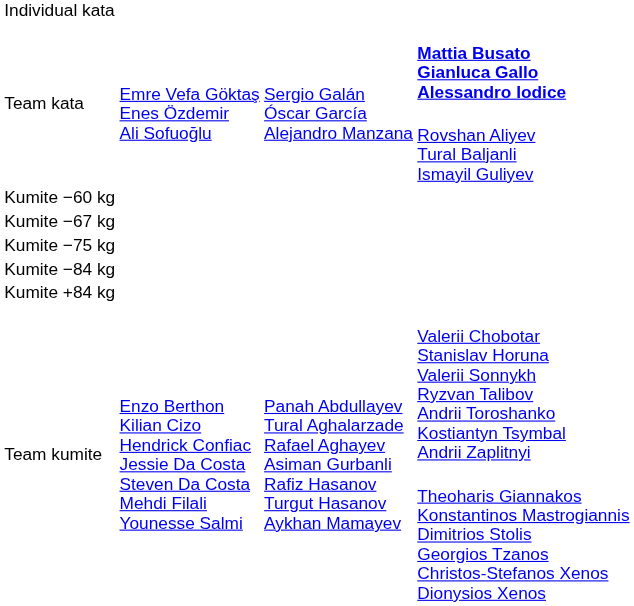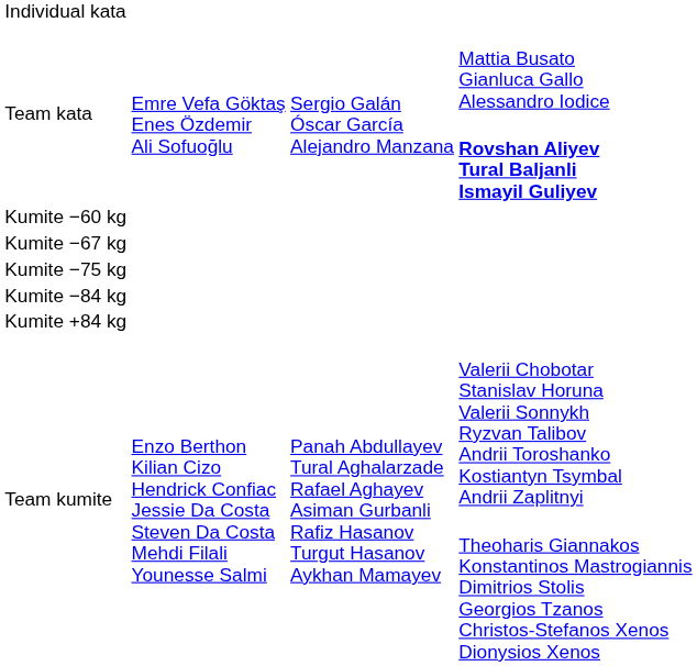 <table>
 <tr>
 </tr>
 <tr>
 <td rowspan=2>Individual kata<br></td>
 <td rowspan=2></td>
 <td rowspan=2></td>
 <td></td>
 </tr>
 <tr>
 <td></td>
 </tr>
 <tr>
 <td rowspan=2>Team kata<br></td>
 <td rowspan=2><br><a href='#'>Emre Vefa Göktaş</a><br><a href='#'>Enes Özdemir</a><br><a href='#'>Ali Sofuoğlu</a></td>
 <td rowspan=2><br><a href='#'>Sergio Galán</a><br><a href='#'>Óscar García</a><br><a href='#'>Alejandro Manzana</a></td>
-<td><strong><br><a href='#'>Mattia Busato</a><br><a href='#'>Gianluca Gallo</a><br><a href='#'>Alessandro Iodice</a></strong></td>
+<td><br><a href='#'>Mattia Busato</a><br><a href='#'>Gianluca Gallo</a><br><a href='#'>Alessandro Iodice</a></td>
 </tr>
 <tr>
-<td><br><a href='#'>Rovshan Aliyev</a><br><a href='#'>Tural Baljanli</a><br><a href='#'>Ismayil Guliyev</a></td>
+<td><strong><br><a href='#'>Rovshan Aliyev</a><br><a href='#'>Tural Baljanli</a><br><a href='#'>Ismayil Guliyev</a></strong></td>
 </tr>
 <tr>
 <td rowspan=2>Kumite −60 kg<br></td>
 <td rowspan=2></td>
 <td rowspan=2></td>
 <td></td>
 </tr>
 <tr>
 <td></td>
 </tr>
 <tr>
 <td rowspan=2>Kumite −67 kg<br></td>
 <td rowspan=2></td>
 <td rowspan=2></td>
 <td></td>
 </tr>
 <tr>
 <td></td>
 </tr>
 <tr>
 <td rowspan=2>Kumite −75 kg<br></td>
 <td rowspan=2></td>
 <td rowspan=2></td>
 <td></td>
 </tr>
 <tr>
 <td></td>
 </tr>
 <tr>
 <td rowspan=2>Kumite −84 kg<br></td>
 <td rowspan=2></td>
 <td rowspan=2></td>
 <td></td>
 </tr>
 <tr>
 <td></td>
 </tr>
 <tr>
 <td rowspan=2>Kumite +84 kg<br></td>
 <td rowspan=2></td>
 <td rowspan=2></td>
 <td></td>
 </tr>
 <tr>
 <td></td>
 </tr>
 <tr>
 <td rowspan=2>Team kumite<br></td>
 <td rowspan=2><br><a href='#'>Enzo Berthon</a><br><a href='#'>Kilian Cizo</a><br><a href='#'>Hendrick Confiac</a><br><a href='#'>Jessie Da Costa</a><br><a href='#'>Steven Da Costa</a><br><a href='#'>Mehdi Filali</a><br><a href='#'>Younesse Salmi</a></td>
 <td rowspan=2><br><a href='#'>Panah Abdullayev</a><br><a href='#'>Tural Aghalarzade</a><br><a href='#'>Rafael Aghayev</a><br><a href='#'>Asiman Gurbanli</a><br><a href='#'>Rafiz Hasanov</a><br><a href='#'>Turgut Hasanov</a><br><a href='#'>Aykhan Mamayev</a></td>
 <td><br><a href='#'>Valerii Chobotar</a><br><a href='#'>Stanislav Horuna</a><br><a href='#'>Valerii Sonnykh</a><br><a href='#'>Ryzvan Talibov</a><br><a href='#'>Andrii Toroshanko</a><br><a href='#'>Kostiantyn Tsymbal</a><br><a href='#'>Andrii Zaplitnyi</a></td>
 </tr>
 <tr>
 <td><br><a href='#'>Theoharis Giannakos</a><br><a href='#'>Konstantinos Mastrogiannis</a><br><a href='#'>Dimitrios Stolis</a><br><a href='#'>Georgios Tzanos</a><br><a href='#'>Christos-Stefanos Xenos</a><br><a href='#'>Dionysios Xenos</a></td>
 </tr>
 </table>
